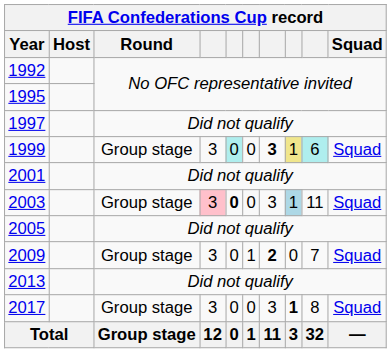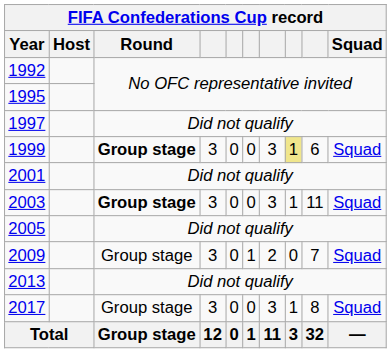 <table class="wikitable" style="text-align: center;font-size:100%;">
 <tr>
 <th colspan="10"><a href='#'>FIFA Confederations Cup</a> record</th>
 </tr>
 <tr>
 <th scope="col">Year</th>
 <th scope="col">Host</th>
 <th scope="col">Round</th>
 <th scope="col"></th>
 <th scope="col"></th>
 <th scope="col"></th>
 <th scope="col"></th>
 <th scope="col"></th>
 <th scope="col"></th>
 <th scope="col">Squad</th>
 </tr>
 <tr>
 <td><a href='#'>1992</a></td>
 <td align=left></td>
 <td colspan="8" rowspan=2><em>No OFC representative invited</em></td>
 </tr>
 <tr>
 <td><a href='#'>1995</a></td>
 <td align=left></td>
 </tr>
 <tr>
 <td><a href='#'>1997</a></td>
 <td align=left></td>
 <td colspan="8"><em>Did not qualify</em></td>
 </tr>
 <tr>
 <td><a href='#'>1999</a></td>
 <td align=left></td>
-<td>Group stage</td>
+<td><strong>Group stage</strong></td>
 <td>3</td>
-<td style="background: paleturquoise;">0</td>
 <td>0</td>
-<td><strong>3</strong></td>
+<td>0</td>
+<td>3</td>
 <td style="background: khaki;">1</td>
-<td style="background: paleturquoise;">6</td>
+<td>6</td>
 <td><a href='#'>Squad</a></td>
 </tr>
 <tr>
 <td><a href='#'>2001</a></td>
 <td align=left><br></td>
 <td colspan="8"><em>Did not qualify</em></td>
 </tr>
 <tr>
 <td><a href='#'>2003</a></td>
 <td align=left></td>
-<td>Group stage</td>
-<td style="background: pink;">3</td>
-<td><strong>0</strong></td>
+<td><strong>Group stage</strong></td>
+<td>3</td>
+<td>0</td>
 <td>0</td>
 <td>3</td>
-<td style="background: lightblue;">1</td>
+<td>1</td>
 <td>11</td>
 <td><a href='#'>Squad</a></td>
 </tr>
 <tr>
 <td><a href='#'>2005</a></td>
 <td align=left></td>
 <td colspan="9"><em>Did not qualify</em></td>
 </tr>
 <tr>
 <td><a href='#'>2009</a></td>
 <td align=left></td>
 <td>Group stage</td>
 <td>3</td>
 <td>0</td>
 <td>1</td>
-<td><strong>2</strong></td>
+<td>2</td>
 <td>0</td>
 <td>7</td>
 <td><a href='#'>Squad</a></td>
 </tr>
 <tr>
 <td><a href='#'>2013</a></td>
 <td align=left></td>
 <td colspan="9"><em>Did not qualify</em></td>
 </tr>
 <tr>
 <td><a href='#'>2017</a></td>
 <td align=left></td>
 <td>Group stage</td>
 <td>3</td>
 <td>0</td>
 <td>0</td>
 <td>3</td>
-<td><strong>1</strong></td>
+<td>1</td>
 <td>8</td>
 <td><a href='#'>Squad</a></td>
 </tr>
 <tr>
 <th colspan="2">Total</th>
 <th>Group stage</th>
 <th>12</th>
 <th>0</th>
 <th>1</th>
 <th>11</th>
 <th>3</th>
 <th>32</th>
 <th>—</th>
 </tr>
 </table>
